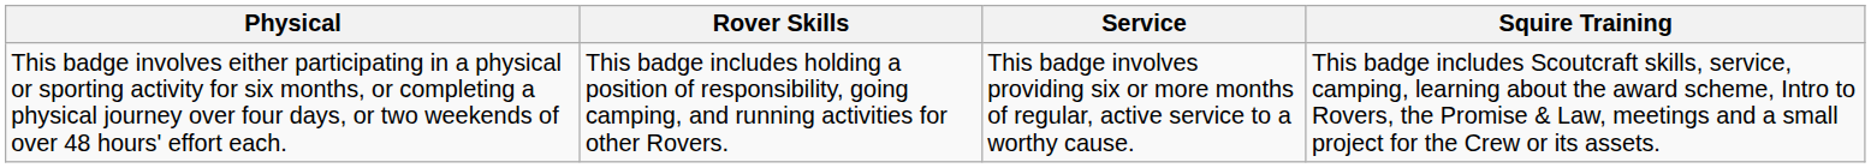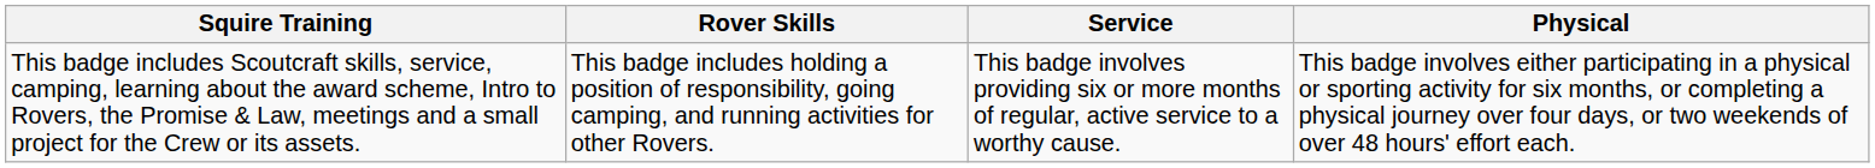 <table class="wikitable">
 <tr>
-<th>Physical</th>
+<th>Squire Training</th>
 <th>Rover Skills</th>
 <th>Service</th>
-<th>Squire Training</th>
+<th>Physical</th>
 </tr>
 <tr>
-<td>This badge involves either participating in a physical or sporting activity for six months, or completing a physical journey over four days, or two weekends of over 48 hours' effort each.</td>
+<td>This badge includes Scoutcraft skills, service, camping, learning about the award scheme, Intro to Rovers, the Promise & Law, meetings and a small project for the Crew or its assets.</td>
 <td>This badge includes holding a position of responsibility, going camping, and running activities for other Rovers.</td>
 <td>This badge involves providing six or more months of regular, active service to a worthy cause.</td>
-<td>This badge includes Scoutcraft skills, service, camping, learning about the award scheme, Intro to Rovers, the Promise & Law, meetings and a small project for the Crew or its assets.</td>
+<td>This badge involves either participating in a physical or sporting activity for six months, or completing a physical journey over four days, or two weekends of over 48 hours' effort each.</td>
 </tr>
 </table>
